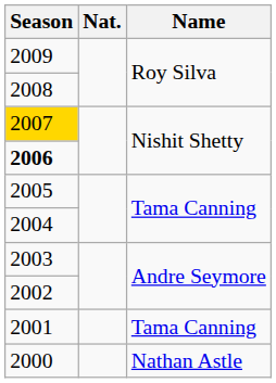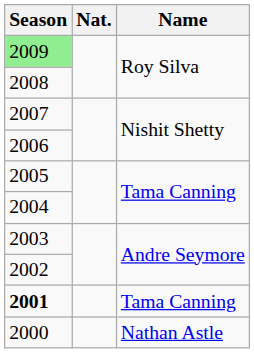 <table class="wikitable defaultcenter col3left">
 <tr>
 <th>Season</th>
 <th>Nat.</th>
 <th>Name</th>
 </tr>
 <tr>
-<td>2009</td>
+<td style="background: lightgreen;">2009</td>
 <td rowspan="2"></td>
 <td rowspan="2">Roy Silva</td>
 </tr>
 <tr>
 <td>2008</td>
 </tr>
 <tr>
-<td style="background: gold;">2007</td>
+<td>2007</td>
 <td rowspan="2"></td>
 <td rowspan="2">Nishit Shetty</td>
 </tr>
 <tr>
-<td><strong>2006</strong></td>
+<td>2006</td>
 </tr>
 <tr>
 <td>2005</td>
 <td rowspan="2"></td>
 <td rowspan="2"><a href='#'>Tama Canning</a></td>
 </tr>
 <tr>
 <td>2004</td>
 </tr>
 <tr>
 <td>2003</td>
 <td rowspan="2"></td>
 <td rowspan="2"><a href='#'>Andre Seymore</a></td>
 </tr>
 <tr>
 <td>2002</td>
 </tr>
 <tr>
-<td>2001</td>
+<td><strong>2001</strong></td>
 <td rowspan="2"></td>
 <td rowspan="2"><a href='#'>Tama Canning</a></td>
 </tr>
 <tr>
 <td rowspan="2">2000</td>
 </tr>
 <tr>
 <td></td>
 <td><a href='#'>Nathan Astle</a></td>
 </tr>
 </table>
